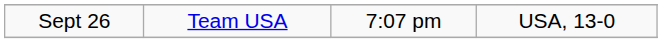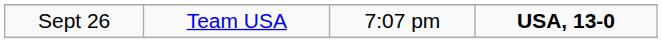 <table class="wikitable" width="80%">
 <tr align="center">
 </tr>
 <tr align="center" bgcolor="">
 <td>Sept 26</td>
 <td><a href='#'>Team USA</a></td>
 <td>7:07 pm</td>
-<td>USA, 13-0</td>
+<td><strong>USA, 13-0</strong></td>
 </tr>
 <tr align="center" bgcolor="">
 </tr>
 </table>
